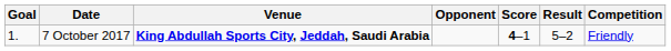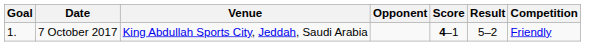 <table class="wikitable plainrowheaders sortable">
 <tr>
 <th>Goal</th>
 <th>Date</th>
 <th>Venue</th>
 <th>Opponent</th>
 <th>Score</th>
 <th>Result</th>
 <th>Competition</th>
 </tr>
 <tr>
 <td>1.</td>
 <td>7 October 2017</td>
-<td><strong><a href='#'>King Abdullah Sports City</a>, <a href='#'>Jeddah</a>, Saudi Arabia</strong></td>
+<td><a href='#'>King Abdullah Sports City</a>, <a href='#'>Jeddah</a>, Saudi Arabia</td>
 <td></td>
 <td align=center><strong>4</strong>–1</td>
 <td align=center>5–2</td>
 <td rowspan=2><a href='#'>Friendly</a></td>
 </tr>
 </table>
